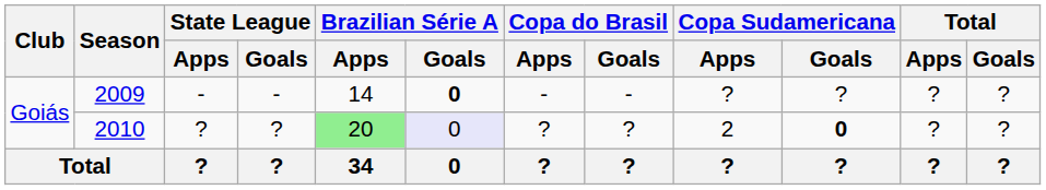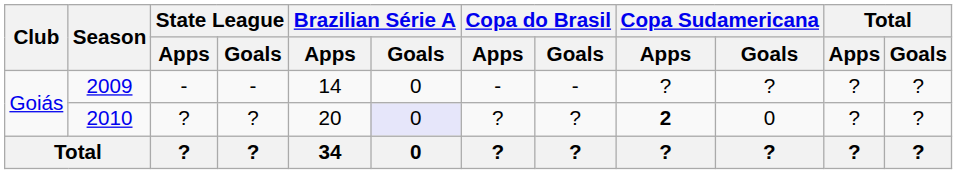 <table class="wikitable" style="text-align: center;">
 <tr>
 <th rowspan="2">Club</th>
 <th rowspan="2">Season</th>
 <th colspan="2">State League</th>
 <th colspan="2"><a href='#'>Brazilian Série A</a></th>
 <th colspan="2"><a href='#'>Copa do Brasil</a></th>
 <th colspan="2"><a href='#'>Copa Sudamericana</a></th>
 <th colspan="2">Total</th>
 </tr>
 <tr>
 <th>Apps</th>
 <th>Goals</th>
 <th>Apps</th>
 <th>Goals</th>
 <th>Apps</th>
 <th>Goals</th>
 <th>Apps</th>
 <th>Goals</th>
 <th>Apps</th>
 <th>Goals</th>
 </tr>
 <tr>
 <td rowspan="2" valign="center"><a href='#'>Goiás</a></td>
 <td><a href='#'>2009</a></td>
 <td>-</td>
 <td>-</td>
 <td>14</td>
-<td><strong>0</strong></td>
+<td>0</td>
 <td>-</td>
 <td>-</td>
 <td>?</td>
 <td>?</td>
 <td>?</td>
 <td>?</td>
 </tr>
 <tr>
 <td><a href='#'>2010</a></td>
 <td>?</td>
 <td>?</td>
-<td style="background: lightgreen;">20</td>
+<td>20</td>
 <td style="background: lavender;">0</td>
 <td>?</td>
 <td>?</td>
-<td>2</td>
-<td><strong>0</strong></td>
+<td><strong>2</strong></td>
+<td>0</td>
 <td>?</td>
 <td>?</td>
 </tr>
 <tr>
 <th colspan="2"><strong>Total</strong></th>
 <th>?</th>
 <th>?</th>
 <th>34</th>
 <th>0</th>
 <th>?</th>
 <th>?</th>
 <th>?</th>
 <th>?</th>
 <th>?</th>
 <th>?</th>
 </tr>
 </table>
